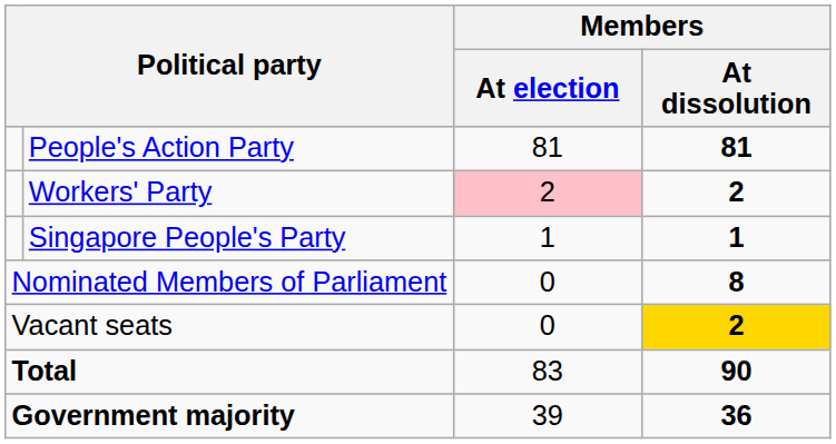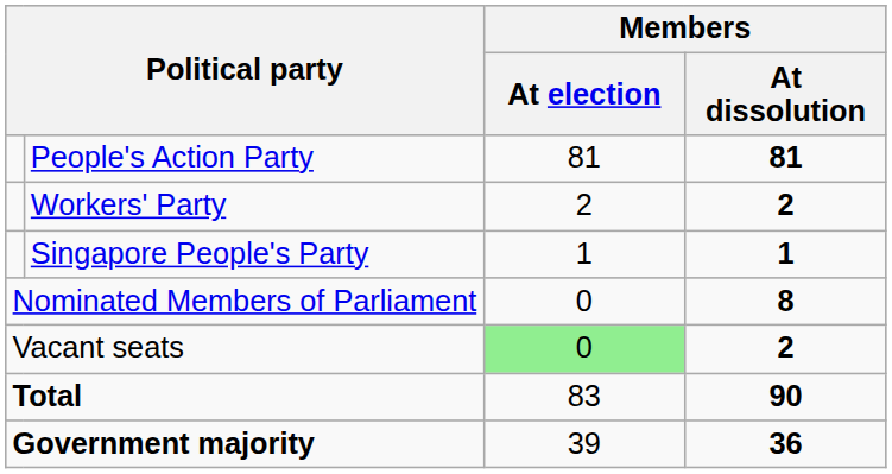 <table class="wikitable" border="1">
 <tr>
 <th colspan="2" rowspan="2">Political party</th>
 <th colspan="2">Members</th>
 </tr>
 <tr>
 <th width="100px">At <a href='#'>election</a></th>
 <th width="100px">At dissolution</th>
 </tr>
 <tr>
 <td></td>
 <td scope="row"><a href='#'>People's Action Party</a></td>
 <td align="center">81</td>
 <td align="center"><strong>81</strong></td>
 </tr>
 <tr>
 <td></td>
 <td scope="row"><a href='#'>Workers' Party</a></td>
-<td align="center" style="background: pink;">2</td>
+<td align="center">2</td>
 <td align="center"><strong>2</strong></td>
 </tr>
 <tr>
 <td></td>
 <td><a href='#'>Singapore People's Party</a></td>
 <td align="center">1</td>
 <td align="center"><strong>1</strong></td>
 </tr>
 <tr>
 <td colspan="2"><a href='#'>Nominated Members of Parliament</a></td>
 <td align="center">0</td>
 <td align="center"><strong>8</strong></td>
 </tr>
 <tr>
 <td colspan="2">Vacant seats</td>
-<td align="center">0</td>
-<td align="center" style="background: gold;"><strong>2</strong></td>
+<td align="center" style="background: lightgreen;">0</td>
+<td align="center"><strong>2</strong></td>
 </tr>
 <tr>
 <td colspan="2"><strong>Total</strong></td>
 <td align="center">83</td>
 <td align="center"><strong>90</strong></td>
 </tr>
 <tr>
 <td colspan="2"><strong>Government majority</strong></td>
 <td align="center">39</td>
 <td align="center"><strong>36</strong></td>
 </tr>
 </table>
